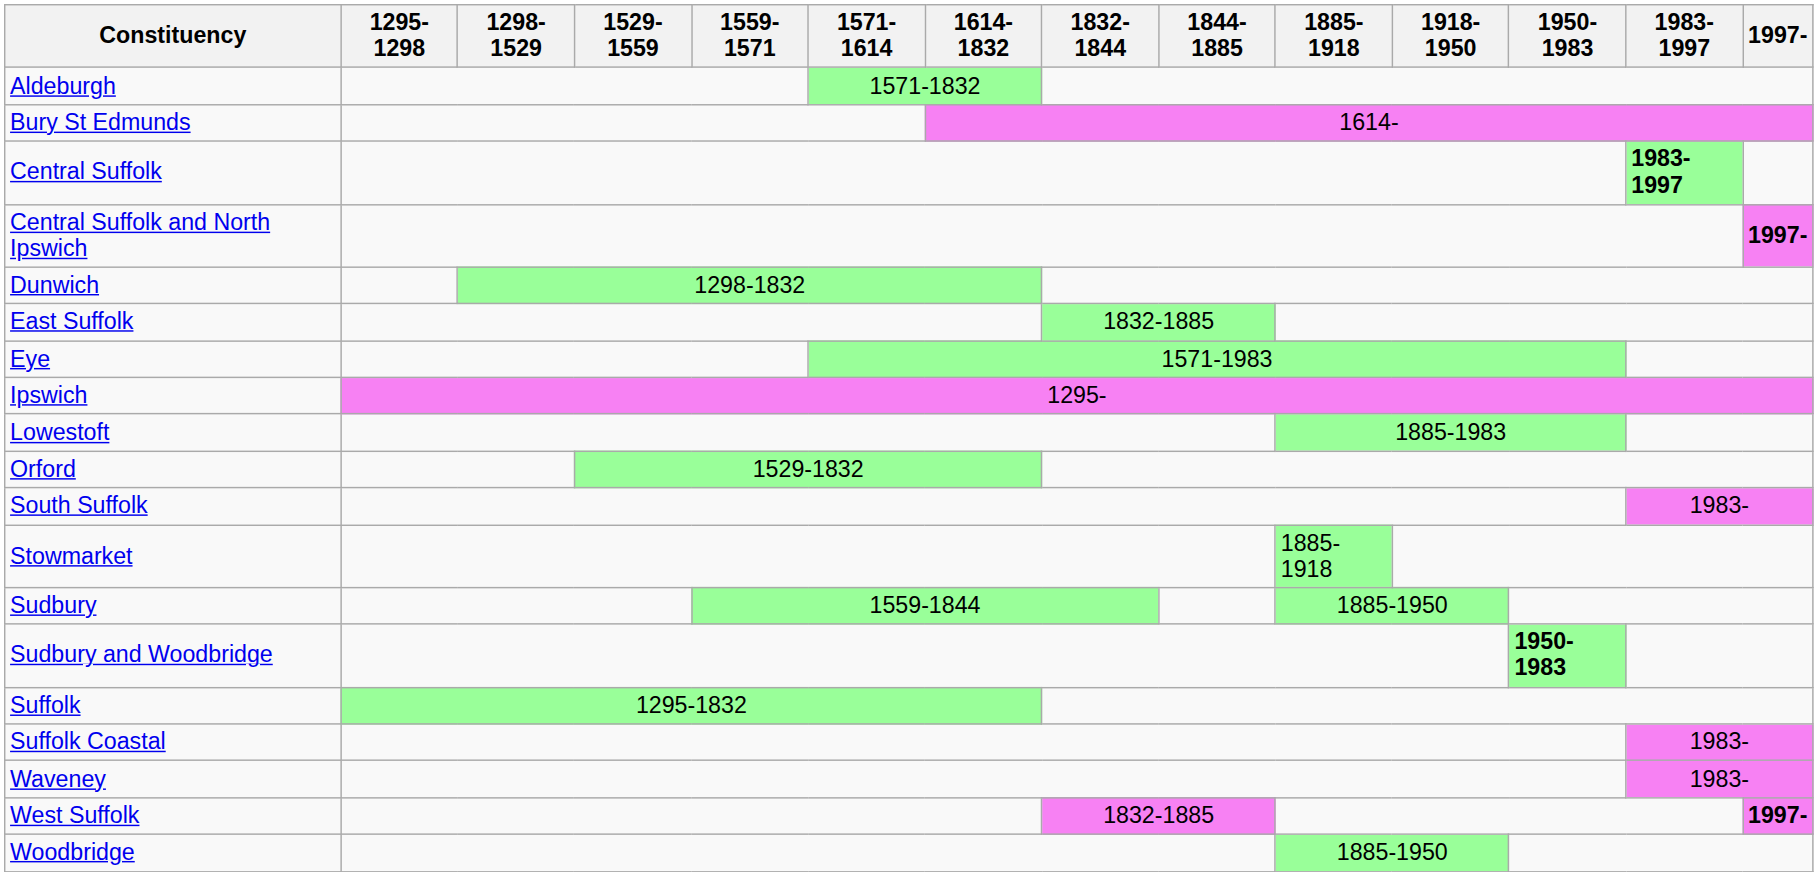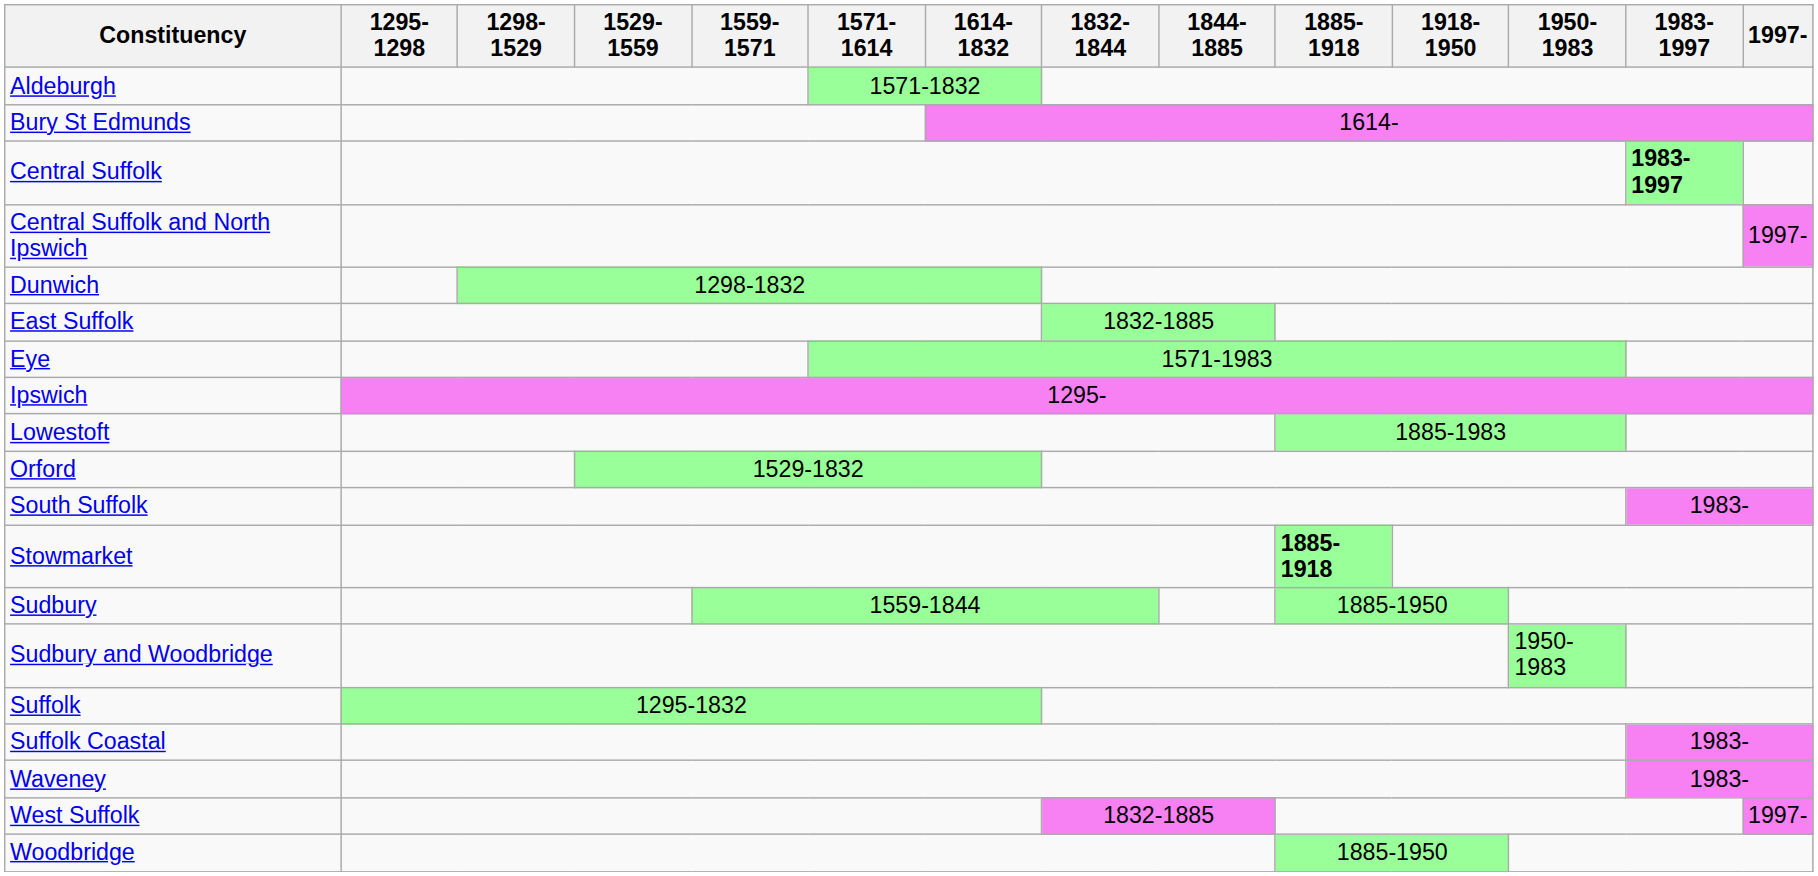 <table class="wikitable">
 <tr>
 <th>Constituency</th>
 <th>1295-1298</th>
 <th>1298-1529</th>
 <th>1529-1559</th>
 <th>1559-1571</th>
 <th>1571-1614</th>
 <th>1614-1832</th>
 <th>1832-1844</th>
 <th>1844-1885</th>
 <th>1885-1918</th>
 <th>1918-1950</th>
 <th>1950-1983</th>
 <th>1983-1997</th>
 <th>1997-</th>
 </tr>
 <tr>
 <td><a href='#'>Aldeburgh</a></td>
 <td colspan=4></td>
 <td align="center" bgcolor="#99ff99" colspan=2>1571-1832</td>
 <td colspan=7></td>
 </tr>
 <tr>
 <td><a href='#'>Bury St Edmunds</a></td>
 <td colspan=5></td>
 <td align="center" bgcolor="#f781f3" colspan=8>1614-</td>
 </tr>
 <tr>
 <td><a href='#'>Central Suffolk</a></td>
 <td colspan=11></td>
 <td bgcolor="#99ff99"><strong>1983-1997</strong></td>
 <td></td>
 </tr>
 <tr>
 <td><a href='#'>Central Suffolk and North Ipswich</a></td>
 <td colspan=12></td>
-<td bgcolor="#f781f3"><strong>1997-</strong></td>
+<td bgcolor="#f781f3">1997-</td>
 </tr>
 <tr>
 <td><a href='#'>Dunwich</a></td>
 <td></td>
 <td align="center" bgcolor="#99ff99" colspan=5>1298-1832</td>
 <td colspan=7></td>
 </tr>
 <tr>
 <td><a href='#'>East Suffolk</a></td>
 <td colspan=6></td>
 <td align="center" bgcolor="#99ff99" colspan=2>1832-1885</td>
 <td colspan=5></td>
 </tr>
 <tr>
 <td><a href='#'>Eye</a></td>
 <td colspan=4></td>
 <td align="center" bgcolor="#99ff99" colspan=7>1571-1983</td>
 <td colspan=2></td>
 </tr>
 <tr>
 <td><a href='#'>Ipswich</a></td>
 <td align="center" bgcolor="#f781f3" colspan=13>1295-</td>
 </tr>
 <tr>
 <td><a href='#'>Lowestoft</a></td>
 <td colspan=8></td>
 <td align="center" bgcolor="#99ff99" colspan=3>1885-1983</td>
 <td colspan=2></td>
 </tr>
 <tr>
 <td><a href='#'>Orford</a></td>
 <td colspan=2></td>
 <td align="center" bgcolor="#99ff99" colspan=4>1529-1832</td>
 <td colspan=7></td>
 </tr>
 <tr>
 <td><a href='#'>South Suffolk</a></td>
 <td colspan=11></td>
 <td align="center" bgcolor="#f781f3" colspan=2>1983-</td>
 </tr>
 <tr>
 <td><a href='#'>Stowmarket</a></td>
 <td colspan=8></td>
-<td bgcolor="#99ff99">1885-1918</td>
+<td bgcolor="#99ff99"><strong>1885-1918</strong></td>
 <td colspan=4></td>
 </tr>
 <tr>
 <td><a href='#'>Sudbury</a></td>
 <td colspan=3></td>
 <td align="center" bgcolor="#99ff99" colspan=4>1559-1844</td>
 <td></td>
 <td align="center" bgcolor="#99ff99" colspan=2>1885-1950</td>
 <td colspan=3></td>
 </tr>
 <tr>
 <td><a href='#'>Sudbury and Woodbridge</a></td>
 <td colspan=10></td>
-<td bgcolor="#99ff99"><strong>1950-1983</strong></td>
+<td bgcolor="#99ff99">1950-1983</td>
 <td colspan=2></td>
 </tr>
 <tr>
 <td><a href='#'>Suffolk</a></td>
 <td align="center" bgcolor="#99ff99" colspan=6>1295-1832</td>
 <td colspan=7></td>
 </tr>
 <tr>
 <td><a href='#'>Suffolk Coastal</a></td>
 <td colspan=11></td>
 <td align="center" bgcolor="#f781f3" colspan="2">1983-</td>
 </tr>
 <tr>
 <td><a href='#'>Waveney</a></td>
 <td colspan=11></td>
 <td align="center" bgcolor="#f781f3" colspan=2>1983-</td>
 </tr>
 <tr>
 <td><a href='#'>West Suffolk</a></td>
 <td colspan=6></td>
 <td align="center" bgcolor="#f781f3" colspan=2>1832-1885</td>
 <td colspan=4></td>
-<td bgcolor="#f781f3"><strong>1997-</strong></td>
+<td bgcolor="#f781f3">1997-</td>
 </tr>
 <tr>
 <td><a href='#'>Woodbridge</a></td>
 <td colspan=8></td>
 <td align="center" bgcolor="#99ff99" colspan=2>1885-1950</td>
 <td colspan=3></td>
 </tr>
 </table>
